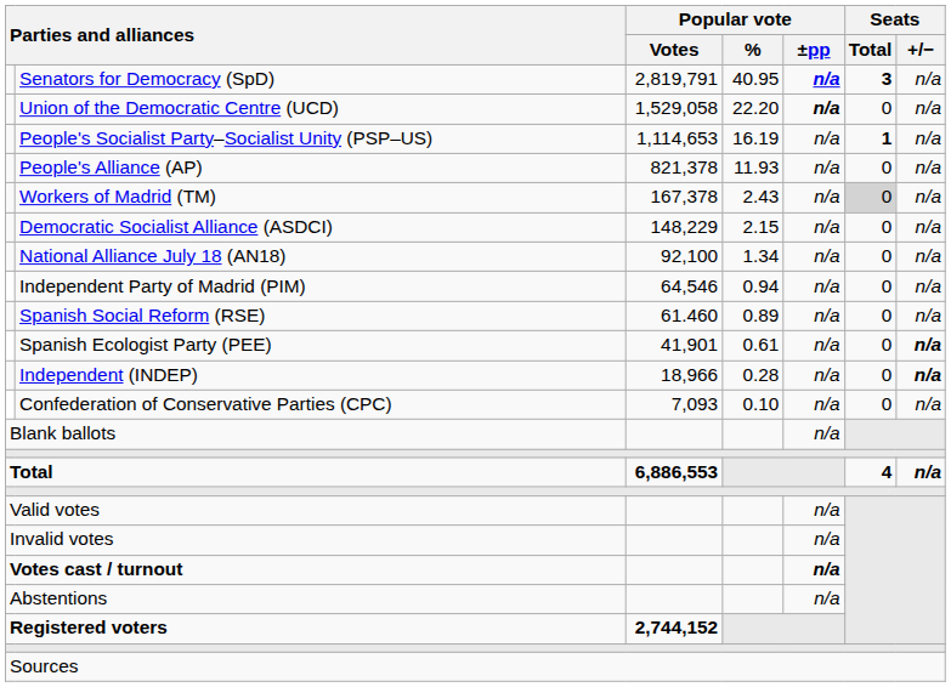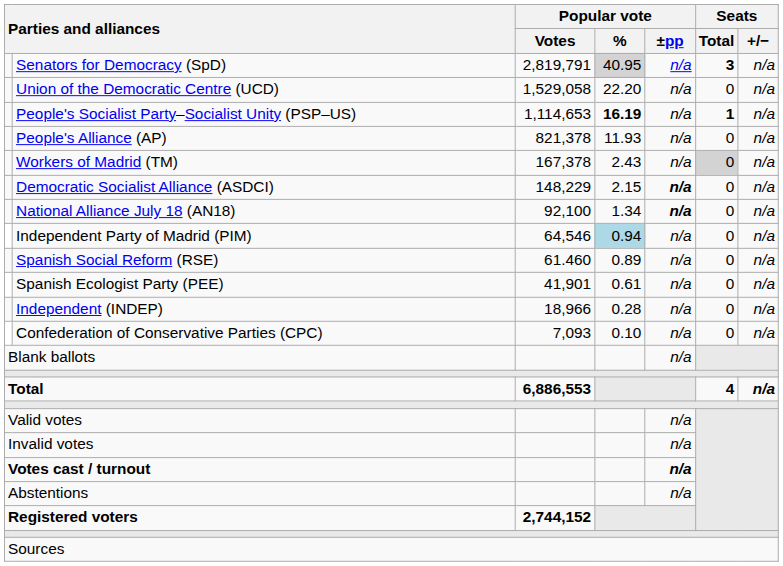 <table class="wikitable" style="text-align:right;">
 <tr>
 <th style="text-align:left;" rowspan="2" colspan="2" width="525">Parties and alliances</th>
 <th colspan="3">Popular vote</th>
 <th colspan="2">Seats</th>
 </tr>
 <tr>
 <th width="75">Votes</th>
 <th width="45">%</th>
 <th width="45">±<a href='#'>pp</a></th>
 <th width="35">Total</th>
 <th width="35">+/−</th>
 </tr>
 <tr>
 <td width="1" style="color:inherit;background:"></td>
 <td align="left"><a href='#'>Senators for Democracy</a> (SpD)</td>
 <td>2,819,791</td>
-<td>40.95</td>
-<td><strong><em><a href='#'>n/a</a></em></strong></td>
+<td style="background: lightgrey;">40.95</td>
+<td><em><a href='#'>n/a</a></em></td>
 <td><strong>3</strong></td>
 <td><em>n/a</em></td>
 </tr>
 <tr>
 <td style="color:inherit;background:"></td>
 <td align="left"><a href='#'>Union of the Democratic Centre</a> (UCD)</td>
 <td>1,529,058</td>
 <td>22.20</td>
-<td><strong><em>n/a</em></strong></td>
+<td><em>n/a</em></td>
 <td>0</td>
 <td><em>n/a</em></td>
 </tr>
 <tr>
 <td style="color:inherit;background:"></td>
 <td align="left"><a href='#'>People's Socialist Party</a>–<a href='#'>Socialist Unity</a> (PSP–US)</td>
 <td>1,114,653</td>
-<td>16.19</td>
+<td><strong>16.19</strong></td>
 <td><em>n/a</em></td>
 <td><strong>1</strong></td>
 <td><em>n/a</em></td>
 </tr>
 <tr>
 <td style="color:inherit;background:"></td>
 <td align="left"><a href='#'>People's Alliance</a> (AP)</td>
 <td>821,378</td>
 <td>11.93</td>
 <td><em>n/a</em></td>
 <td>0</td>
 <td><em>n/a</em></td>
 </tr>
 <tr>
 <td style="color:inherit;background:"></td>
 <td align="left"><a href='#'>Workers of Madrid</a> (TM)</td>
 <td>167,378</td>
 <td>2.43</td>
 <td><em>n/a</em></td>
 <td style="background: lightgrey;">0</td>
 <td><em>n/a</em></td>
 </tr>
 <tr>
 <td style="color:inherit;background:"></td>
 <td align="left"><a href='#'>Democratic Socialist Alliance</a> (ASDCI)</td>
 <td>148,229</td>
 <td>2.15</td>
-<td><em>n/a</em></td>
+<td><strong><em>n/a</em></strong></td>
 <td>0</td>
 <td><em>n/a</em></td>
 </tr>
 <tr>
 <td style="color:inherit;background:"></td>
 <td align="left"><a href='#'>National Alliance July 18</a> (AN18)</td>
 <td>92,100</td>
 <td>1.34</td>
-<td><em>n/a</em></td>
+<td><strong><em>n/a</em></strong></td>
 <td>0</td>
 <td><em>n/a</em></td>
 </tr>
 <tr>
 <td bgcolor="white"></td>
 <td align="left">Independent Party of Madrid (PIM)</td>
 <td>64,546</td>
-<td>0.94</td>
+<td style="background: lightblue;">0.94</td>
 <td><em>n/a</em></td>
 <td>0</td>
 <td><em>n/a</em></td>
 </tr>
 <tr>
 <td style="color:inherit;background:"></td>
 <td align="left"><a href='#'>Spanish Social Reform</a> (RSE)</td>
 <td>61.460</td>
 <td>0.89</td>
 <td><em>n/a</em></td>
 <td>0</td>
 <td><em>n/a</em></td>
 </tr>
 <tr>
 <td bgcolor="white"></td>
 <td align="left">Spanish Ecologist Party (PEE)</td>
 <td>41,901</td>
 <td>0.61</td>
 <td><em>n/a</em></td>
 <td>0</td>
-<td><strong><em>n/a</em></strong></td>
+<td><em>n/a</em></td>
 </tr>
 <tr>
 <td style="color:inherit;background:"></td>
 <td align="left"><a href='#'>Independent</a> (INDEP)</td>
 <td>18,966</td>
 <td>0.28</td>
 <td><em>n/a</em></td>
 <td>0</td>
-<td><strong><em>n/a</em></strong></td>
+<td><em>n/a</em></td>
 </tr>
 <tr>
 <td bgcolor="white"></td>
 <td align="left">Confederation of Conservative Parties (CPC)</td>
 <td>7,093</td>
 <td>0.10</td>
 <td><em>n/a</em></td>
 <td>0</td>
 <td><em>n/a</em></td>
 </tr>
 <tr>
 <td align="left" colspan="2">Blank ballots</td>
 <td></td>
 <td></td>
 <td><em>n/a</em></td>
 <td bgcolor="#E9E9E9" colspan="2"></td>
 </tr>
 <tr>
 <td colspan="7" bgcolor="#E9E9E9"></td>
 </tr>
 <tr style="font-weight:bold;">
 <td align="left" colspan="2">Total</td>
 <td>6,886,553</td>
 <td bgcolor="#E9E9E9" colspan="2"></td>
 <td>4</td>
 <td><em>n/a</em></td>
 </tr>
 <tr>
 <td colspan="7" bgcolor="#E9E9E9"></td>
 </tr>
 <tr>
 <td align="left" colspan="2">Valid votes</td>
 <td></td>
 <td></td>
 <td><em>n/a</em></td>
 <td bgcolor="#E9E9E9" colspan="2" rowspan="5"></td>
 </tr>
 <tr>
 <td align="left" colspan="2">Invalid votes</td>
 <td></td>
 <td></td>
 <td><em>n/a</em></td>
 </tr>
 <tr style="font-weight:bold;">
 <td align="left" colspan="2">Votes cast / turnout</td>
 <td></td>
 <td></td>
 <td><em>n/a</em></td>
 </tr>
 <tr>
 <td align="left" colspan="2">Abstentions</td>
 <td></td>
 <td></td>
 <td><em>n/a</em></td>
 </tr>
 <tr style="font-weight:bold;">
 <td align="left" colspan="2">Registered voters</td>
 <td>2,744,152</td>
 <td bgcolor="#E9E9E9" colspan="2"></td>
 </tr>
 <tr>
 <td colspan="7" bgcolor="#E9E9E9"></td>
 </tr>
 <tr>
 <td align="left" colspan="7">Sources</td>
 </tr>
 </table>
